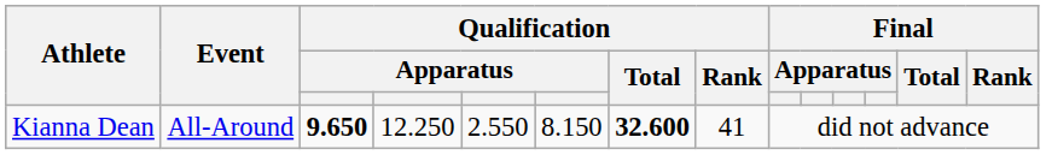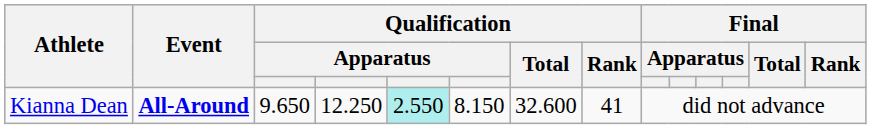 <table class="wikitable" style="font-size:90%">
 <tr>
 <th rowspan=3>Athlete</th>
 <th rowspan=3>Event</th>
 <th colspan =6>Qualification</th>
 <th colspan =6>Final</th>
 </tr>
 <tr style="font-size:95%">
 <th colspan=4>Apparatus</th>
 <th rowspan=2>Total</th>
 <th rowspan=2>Rank</th>
 <th colspan=4>Apparatus</th>
 <th rowspan=2>Total</th>
 <th rowspan=2>Rank</th>
 </tr>
 <tr style="font-size:95%">
 <th></th>
 <th></th>
 <th></th>
 <th></th>
 <th></th>
 <th></th>
 <th></th>
 <th></th>
 </tr>
 <tr align=center>
 <td align=left><a href='#'>Kianna Dean</a></td>
-<td style="text-align:left;"><a href='#'>All-Around</a></td>
-<td><strong>9.650</strong></td>
+<td style="text-align:left;"><strong><a href='#'>All-Around</a></strong></td>
+<td>9.650</td>
 <td>12.250</td>
-<td>2.550</td>
+<td style="background: paleturquoise;">2.550</td>
 <td>8.150</td>
-<td><strong>32.600</strong></td>
+<td>32.600</td>
 <td>41</td>
 <td align=center colspan="6">did not advance</td>
 </tr>
 </table>
